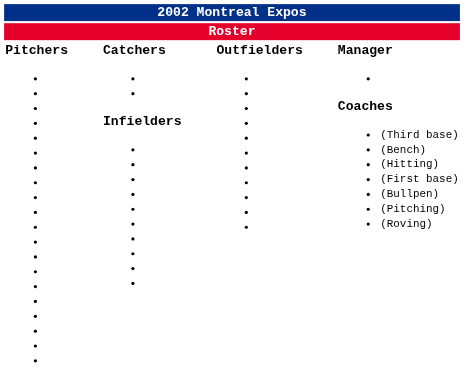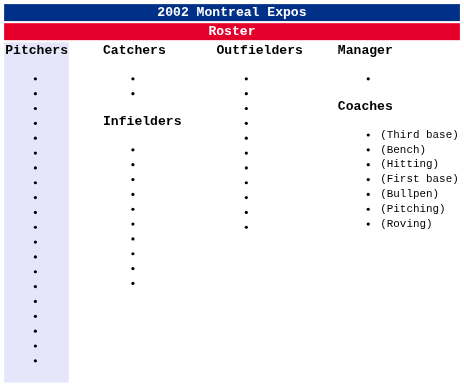 <table class="toccolours" style="font-size: 95%;">
 <tr>
 <th colspan="10" style="background-color: #003087; color: #FFFFFF; text-align: center;">2002 Montreal Expos</th>
 </tr>
 <tr>
 <td colspan="10" style="background-color: #E4002B; color: #FFFFFF; text-align: center;"><strong>Roster</strong></td>
 </tr>
 <tr>
-<td valign="top"><strong>Pitchers</strong><br><ul><li></li><li></li><li></li><li></li><li></li><li></li><li></li><li></li><li></li><li></li><li></li><li></li><li></li><li></li><li></li><li></li><li></li><li></li><li></li><li></li></ul></td>
+<td valign="top" style="background: lavender;"><strong>Pitchers</strong><br><ul><li></li><li></li><li></li><li></li><li></li><li></li><li></li><li></li><li></li><li></li><li></li><li></li><li></li><li></li><li></li><li></li><li></li><li></li><li></li><li></li></ul></td>
 <td width="25px"></td>
 <td valign="top"><strong>Catchers</strong><br><ul><li></li><li></li></ul><strong>Infielders</strong><ul><li></li><li></li><li></li><li></li><li></li><li></li><li></li><li></li><li></li><li></li></ul></td>
 <td width="25px"></td>
 <td valign="top"><strong>Outfielders</strong><br><ul><li></li><li></li><li></li><li></li><li></li><li></li><li></li><li></li><li></li><li></li><li></li></ul></td>
 <td width="25px"></td>
 <td valign="top"><strong>Manager</strong><br><ul><li></li></ul><strong>Coaches</strong><ul><li> <small>(Third base)</small></li><li> <small>(Bench)</small></li><li> <small>(Hitting)</small></li><li> <small>(First base)</small></li><li> <small>(Bullpen)</small></li><li> <small>(Pitching)</small></li><li> <small>(Roving)</small></li></ul></td>
 </tr>
 </table>
